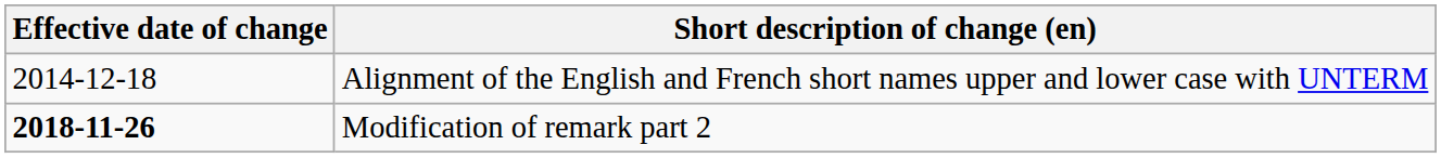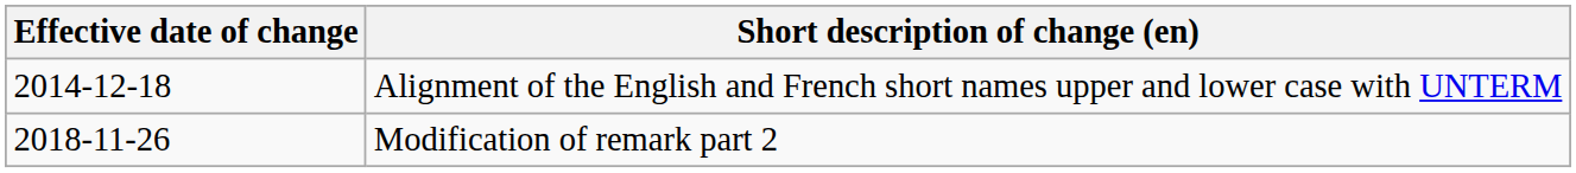 <table class="wikitable">
 <tr>
 <th>Effective date of change</th>
 <th>Short description of change (en)</th>
 </tr>
 <tr>
 <td>2014-12-18</td>
 <td>Alignment of the English and French short names upper and lower case with <a href='#'>UNTERM</a></td>
 </tr>
 <tr>
-<td><strong>2018-11-26</strong></td>
+<td>2018-11-26</td>
 <td>Modification of remark part 2</td>
 </tr>
 </table>
